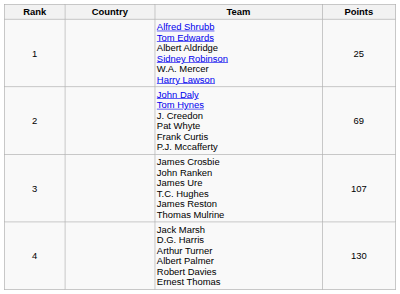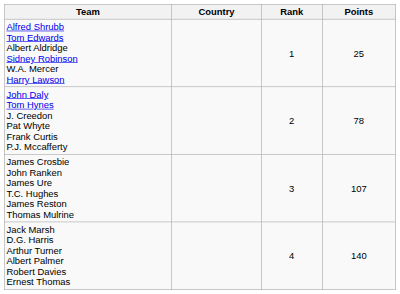 <table class="wikitable sortable" style=" text-align:center; font-size:95%;" width="50%">
 <tr>
+<th>Team</th>
+<th>Country</th>
 <th>Rank</th>
-<th>Country</th>
-<th>Team</th>
 <th>Points</th>
 </tr>
 <tr>
+<td align=left><a href='#'>Alfred Shrubb</a><br><a href='#'>Tom Edwards</a><br>Albert Aldridge<br><a href='#'>Sidney Robinson</a><br>W.A. Mercer<br><a href='#'>Harry Lawson</a></td>
+<td align=left></td>
 <td align=center>1</td>
-<td align=left></td>
-<td align=left><a href='#'>Alfred Shrubb</a><br><a href='#'>Tom Edwards</a><br>Albert Aldridge<br><a href='#'>Sidney Robinson</a><br>W.A. Mercer<br><a href='#'>Harry Lawson</a></td>
 <td>25</td>
 </tr>
 <tr>
+<td align=left><a href='#'>John Daly</a><br><a href='#'>Tom Hynes</a><br>J. Creedon<br>Pat Whyte<br>Frank Curtis<br>P.J. Mccafferty</td>
+<td align=left></td>
 <td align=center>2</td>
-<td align=left></td>
-<td align=left><a href='#'>John Daly</a><br><a href='#'>Tom Hynes</a><br>J. Creedon<br>Pat Whyte<br>Frank Curtis<br>P.J. Mccafferty</td>
-<td>69</td>
+<td>78</td>
 </tr>
 <tr>
+<td align=left>James Crosbie<br>John Ranken<br>James Ure<br>T.C. Hughes<br>James Reston<br>Thomas Mulrine</td>
+<td align=left></td>
 <td align=center>3</td>
-<td align=left></td>
-<td align=left>James Crosbie<br>John Ranken<br>James Ure<br>T.C. Hughes<br>James Reston<br>Thomas Mulrine</td>
 <td>107</td>
 </tr>
 <tr>
+<td align=left>Jack Marsh<br>D.G. Harris<br>Arthur Turner<br>Albert Palmer<br>Robert Davies<br>Ernest Thomas</td>
+<td align=left></td>
 <td align=center>4</td>
-<td align=left></td>
-<td align=left>Jack Marsh<br>D.G. Harris<br>Arthur Turner<br>Albert Palmer<br>Robert Davies<br>Ernest Thomas</td>
-<td>130</td>
+<td>140</td>
 </tr>
 </table>
